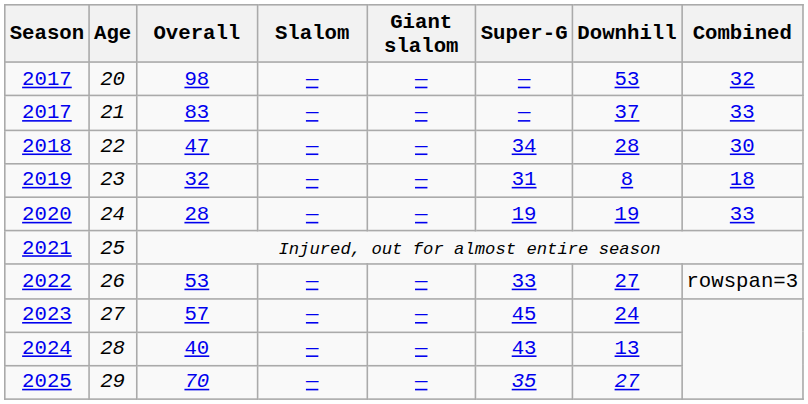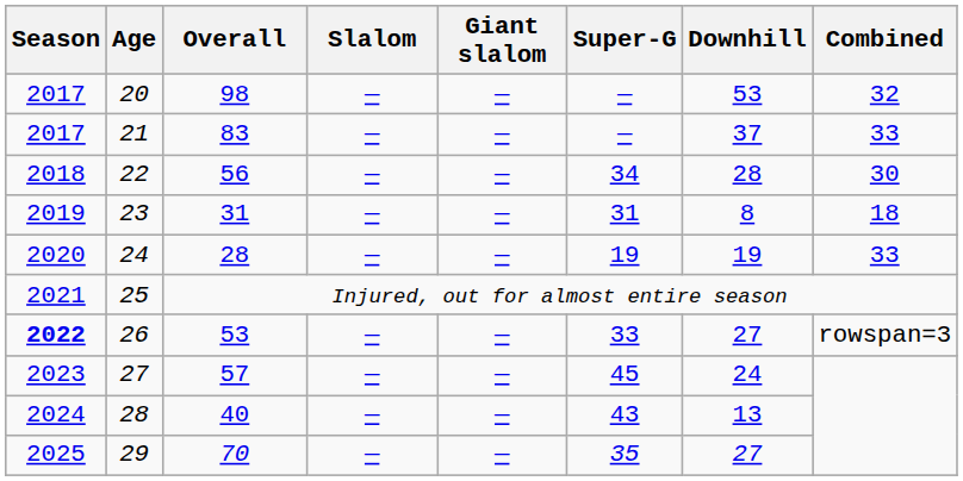 <table class=wikitable style="text-align:center">
 <tr>
 <th>Season</th>
 <th>Age</th>
 <th> Overall </th>
 <th> Slalom </th>
 <th>Giant<br> slalom </th>
 <th>Super-G</th>
 <th>Downhill</th>
 <th>Combined</th>
 </tr>
 <tr>
 <td><a href='#'>2017</a></td>
 <td><em>20</em></td>
 <td><a href='#'>98</a></td>
 <td><a href='#'>—</a></td>
 <td><a href='#'>—</a></td>
 <td><a href='#'>—</a></td>
 <td><a href='#'>53</a></td>
 <td><a href='#'>32</a></td>
 </tr>
 <tr>
 <td><a href='#'>2017</a></td>
 <td><em>21</em></td>
 <td><a href='#'>83</a></td>
 <td><a href='#'>—</a></td>
 <td><a href='#'>—</a></td>
 <td><a href='#'>—</a></td>
 <td><a href='#'>37</a></td>
 <td><a href='#'>33</a></td>
 </tr>
 <tr>
 <td><a href='#'>2018</a></td>
 <td><em>22</em></td>
-<td><a href='#'>47</a></td>
+<td><a href='#'>56</a></td>
 <td><a href='#'>—</a></td>
 <td><a href='#'>—</a></td>
 <td><a href='#'>34</a></td>
 <td><a href='#'>28</a></td>
 <td><a href='#'>30</a></td>
 </tr>
 <tr>
 <td><a href='#'>2019</a></td>
 <td><em>23</em></td>
-<td><a href='#'>32</a></td>
+<td><a href='#'>31</a></td>
 <td><a href='#'>—</a></td>
 <td><a href='#'>—</a></td>
 <td><a href='#'>31</a></td>
 <td><a href='#'>8</a></td>
 <td><a href='#'>18</a></td>
 </tr>
 <tr>
 <td><a href='#'>2020</a></td>
 <td><em>24</em></td>
 <td><a href='#'>28</a></td>
 <td><a href='#'>—</a></td>
 <td><a href='#'>—</a></td>
 <td><a href='#'>19</a></td>
 <td><a href='#'>19</a></td>
 <td><a href='#'>33</a></td>
 </tr>
 <tr>
 <td><a href='#'>2021</a></td>
 <td><em>25</em></td>
 <td colspan=6><em><small>Injured, out for almost entire season</small></em></td>
 </tr>
 <tr>
-<td><a href='#'>2022</a></td>
+<td><strong><a href='#'>2022</a></strong></td>
 <td><em>26</em></td>
 <td><a href='#'>53</a></td>
 <td><a href='#'>—</a></td>
 <td><a href='#'>—</a></td>
 <td><a href='#'>33</a></td>
 <td><a href='#'>27</a></td>
 <td>rowspan=3 </td>
 </tr>
 <tr>
 <td><a href='#'>2023</a></td>
 <td><em>27</em></td>
 <td><a href='#'>57</a></td>
 <td><a href='#'>—</a></td>
 <td><a href='#'>—</a></td>
 <td><a href='#'>45</a></td>
 <td><a href='#'>24</a></td>
 </tr>
 <tr>
 <td><a href='#'>2024</a></td>
 <td><em>28</em></td>
 <td><a href='#'>40</a></td>
 <td><a href='#'>—</a></td>
 <td><a href='#'>—</a></td>
 <td><a href='#'>43</a></td>
 <td><a href='#'>13</a></td>
 </tr>
 <tr>
 <td><a href='#'>2025</a></td>
 <td><em>29</em></td>
 <td><a href='#'><em>70</em></a></td>
 <td><a href='#'>—</a></td>
 <td><a href='#'>—</a></td>
 <td><a href='#'><em>35</em></a></td>
 <td><a href='#'><em>27</em></a></td>
 </tr>
 </table>
